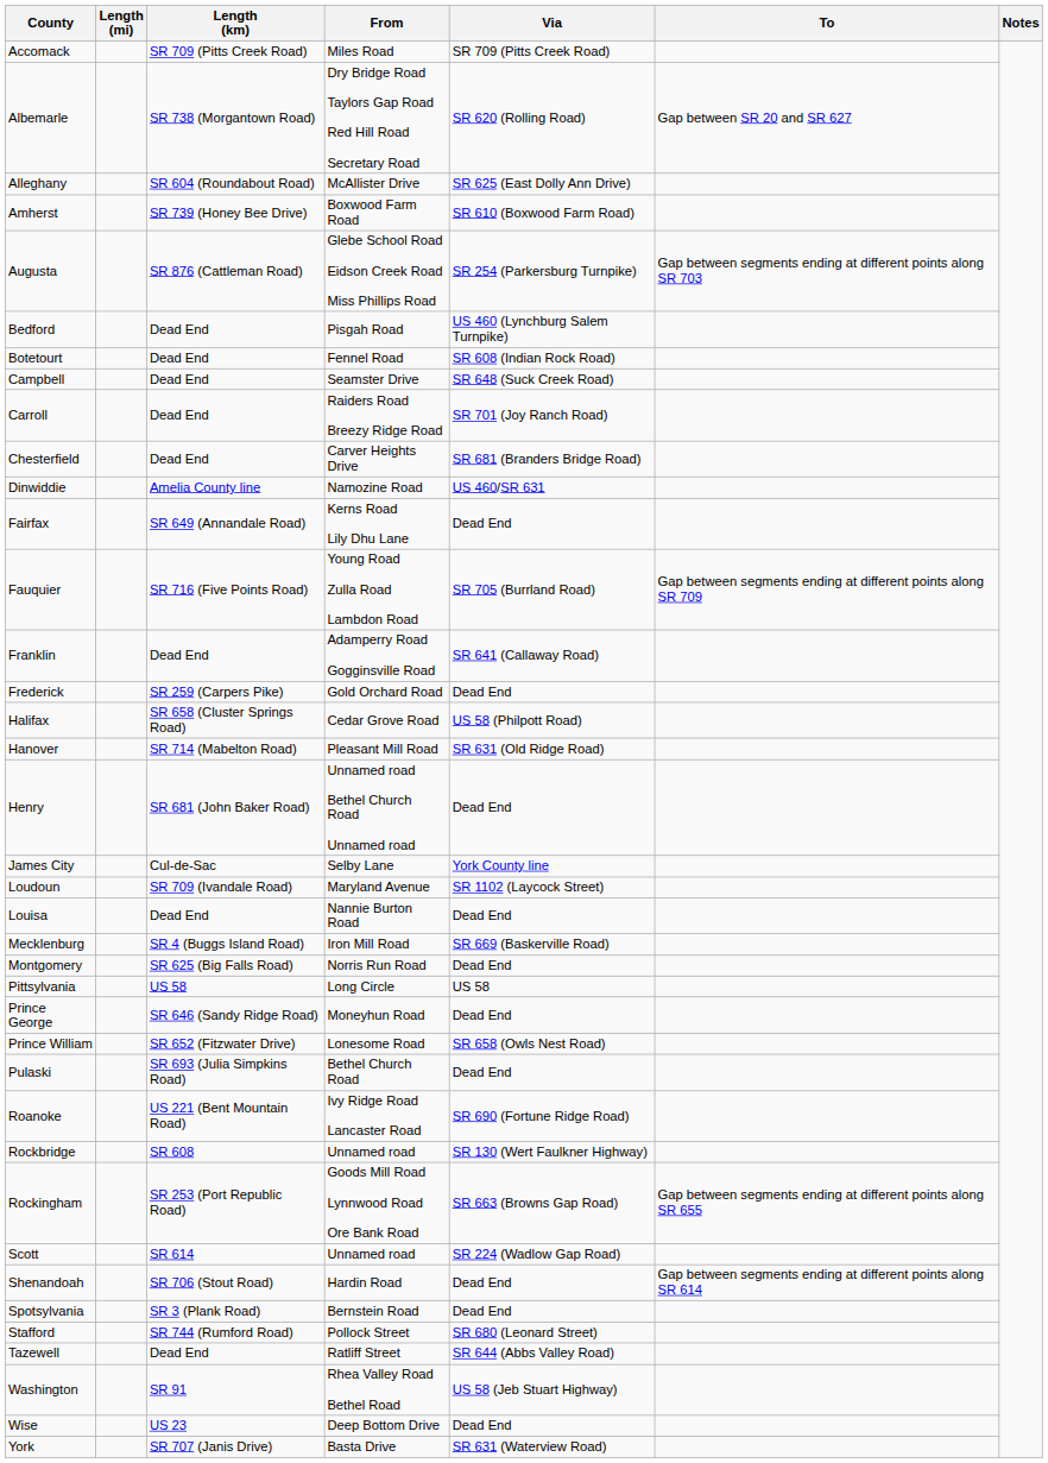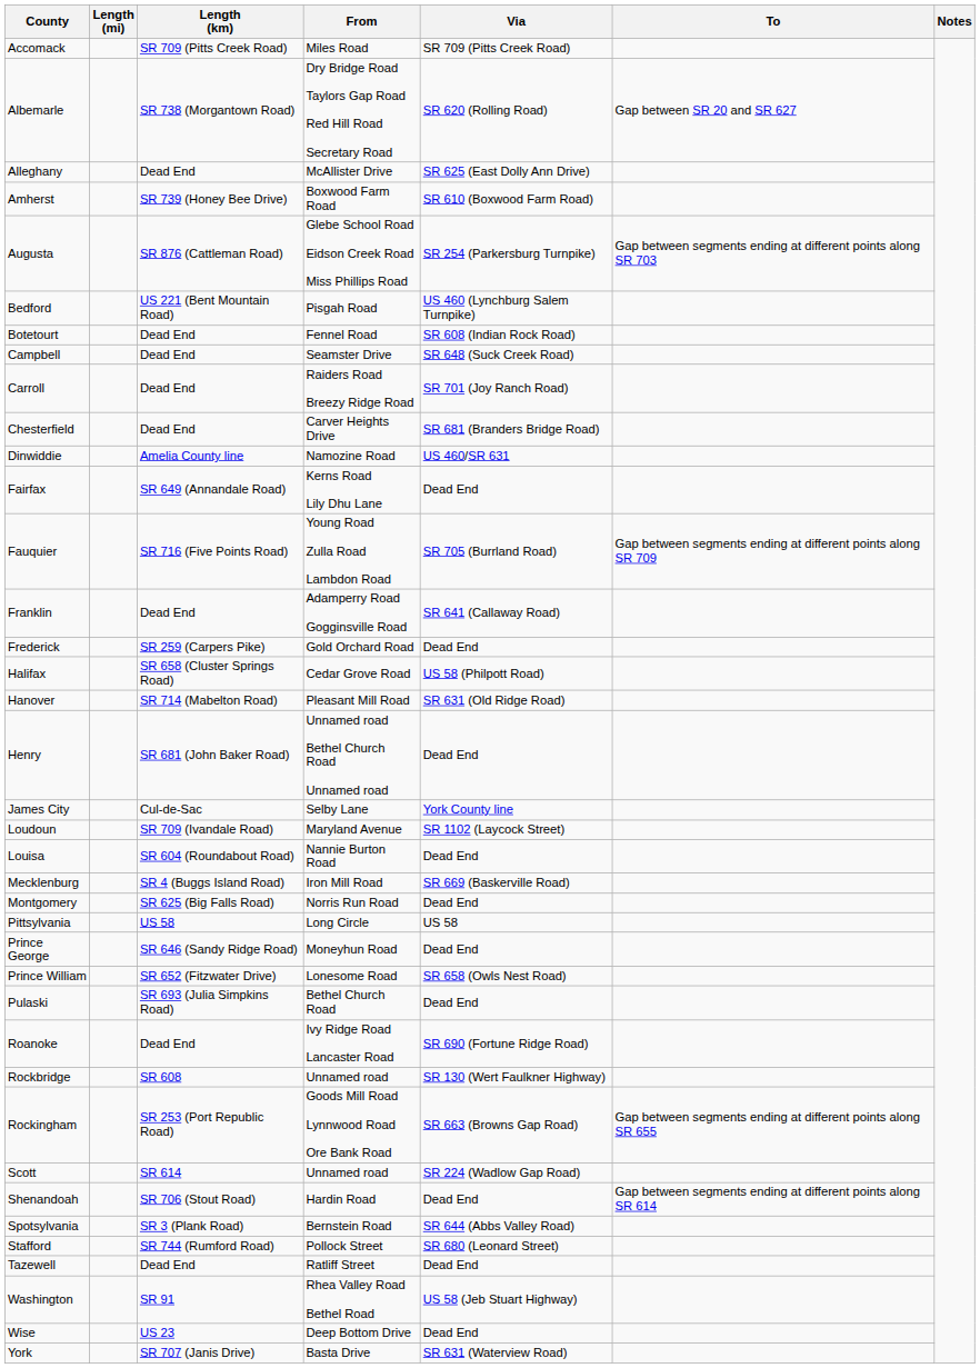 <table class="wikitable sortable">
 <tr>
 <th>County</th>
 <th>Length<br>(mi)</th>
 <th>Length<br>(km)</th>
 <th class="unsortable">From</th>
 <th class="unsortable">Via</th>
 <th class="unsortable">To</th>
 <th class="unsortable">Notes</th>
 </tr>
 <tr>
 <td id="Accomack">Accomack</td>
 <td></td>
 <td><a href='#'>SR 709</a> (Pitts Creek Road)</td>
 <td>Miles Road</td>
 <td>SR 709 (Pitts Creek Road)</td>
 <td></td>
 </tr>
 <tr>
 <td id="Albemarle">Albemarle</td>
 <td></td>
 <td><a href='#'>SR 738</a> (Morgantown Road)</td>
 <td>Dry Bridge Road<br><br>Taylors Gap Road<br><br>Red Hill Road<br><br>Secretary Road</td>
 <td><a href='#'>SR 620</a> (Rolling Road)</td>
 <td>Gap between <a href='#'>SR 20</a> and <a href='#'>SR 627</a></td>
 </tr>
 <tr>
 <td id="Alleghany">Alleghany</td>
 <td></td>
-<td><a href='#'>SR 604</a> (Roundabout Road)</td>
+<td>Dead End</td>
 <td>McAllister Drive</td>
 <td><a href='#'>SR 625</a> (East Dolly Ann Drive)</td>
 <td><br></td>
 </tr>
 <tr>
 <td id="Amherst">Amherst</td>
 <td></td>
 <td><a href='#'>SR 739</a> (Honey Bee Drive)</td>
 <td>Boxwood Farm Road</td>
 <td><a href='#'>SR 610</a> (Boxwood Farm Road)</td>
 <td><br> </td>
 </tr>
 <tr>
 <td id="Augusta">Augusta</td>
 <td></td>
 <td><a href='#'>SR 876</a> (Cattleman Road)</td>
 <td>Glebe School Road<br><br>Eidson Creek Road<br><br>Miss Phillips Road</td>
 <td><a href='#'>SR 254</a> (Parkersburg Turnpike)</td>
 <td>Gap between segments ending at different points along <a href='#'>SR 703</a><br></td>
 </tr>
 <tr>
 <td id="Bedford">Bedford</td>
 <td></td>
-<td>Dead End</td>
+<td><a href='#'>US 221</a> (Bent Mountain Road)</td>
 <td>Pisgah Road</td>
 <td><a href='#'>US 460</a> (Lynchburg Salem Turnpike)</td>
 <td><br></td>
 </tr>
 <tr>
 <td id="Botetourt">Botetourt</td>
 <td></td>
 <td>Dead End</td>
 <td>Fennel Road</td>
 <td><a href='#'>SR 608</a> (Indian Rock Road)</td>
 <td><br>  </td>
 </tr>
 <tr>
 <td id="Campbell">Campbell</td>
 <td></td>
 <td>Dead End</td>
 <td>Seamster Drive</td>
 <td><a href='#'>SR 648</a> (Suck Creek Road)</td>
 <td><br></td>
 </tr>
 <tr>
 <td id="Carroll">Carroll</td>
 <td></td>
 <td>Dead End</td>
 <td>Raiders Road<br><br>Breezy Ridge Road</td>
 <td><a href='#'>SR 701</a> (Joy Ranch Road)</td>
 <td><br> </td>
 </tr>
 <tr>
 <td id="Chesterfield">Chesterfield</td>
 <td></td>
 <td>Dead End</td>
 <td>Carver Heights Drive</td>
 <td><a href='#'>SR 681</a> (Branders Bridge Road)</td>
 <td><br>    </td>
 </tr>
 <tr>
 <td id="Dinwiddie">Dinwiddie</td>
 <td></td>
 <td><a href='#'>Amelia County line</a></td>
 <td>Namozine Road</td>
 <td><a href='#'>US 460</a>/<a href='#'>SR 631</a></td>
 <td><br></td>
 </tr>
 <tr>
 <td id="Fairfax">Fairfax</td>
 <td></td>
 <td><a href='#'>SR 649</a> (Annandale Road)</td>
 <td>Kerns Road<br><br>Lily Dhu Lane</td>
 <td>Dead End</td>
 <td></td>
 </tr>
 <tr>
 <td id="Fauquier">Fauquier</td>
 <td></td>
 <td><a href='#'>SR 716</a> (Five Points Road)</td>
 <td>Young Road<br><br>Zulla Road<br><br>Lambdon Road</td>
 <td><a href='#'>SR 705</a> (Burrland Road)</td>
 <td>Gap between segments ending at different points along <a href='#'>SR 709</a><br> </td>
 </tr>
 <tr>
 <td id="Franklin">Franklin</td>
 <td></td>
 <td>Dead End</td>
 <td>Adamperry Road<br><br>Gogginsville Road</td>
 <td><a href='#'>SR 641</a> (Callaway Road)</td>
 <td></td>
 </tr>
 <tr>
 <td id="Frederick">Frederick</td>
 <td></td>
 <td><a href='#'>SR 259</a> (Carpers Pike)</td>
 <td>Gold Orchard Road</td>
 <td>Dead End</td>
 <td><br>     </td>
 </tr>
 <tr>
 <td id="Halifax">Halifax</td>
 <td></td>
 <td><a href='#'>SR 658</a> (Cluster Springs Road)</td>
 <td>Cedar Grove Road</td>
 <td><a href='#'>US 58</a> (Philpott Road)</td>
 <td></td>
 </tr>
 <tr>
 <td id="Hanover">Hanover</td>
 <td></td>
 <td><a href='#'>SR 714</a> (Mabelton Road)</td>
 <td>Pleasant Mill Road</td>
 <td><a href='#'>SR 631</a> (Old Ridge Road)</td>
 <td><br></td>
 </tr>
 <tr>
 <td id="Henry">Henry</td>
 <td></td>
 <td><a href='#'>SR 681</a> (John Baker Road)</td>
 <td>Unnamed road<br><br>Bethel Church Road<br><br>Unnamed road</td>
 <td>Dead End</td>
 <td><br> </td>
 </tr>
 <tr>
 <td id="James City">James City</td>
 <td></td>
 <td>Cul-de-Sac</td>
 <td>Selby Lane</td>
 <td><a href='#'>York County line</a></td>
 <td><br>    </td>
 </tr>
 <tr>
 <td id="Loudoun">Loudoun</td>
 <td></td>
 <td><a href='#'>SR 709</a> (Ivandale Road)</td>
 <td>Maryland Avenue</td>
 <td><a href='#'>SR 1102</a> (Laycock Street)</td>
 <td></td>
 </tr>
 <tr>
 <td id="Louisa">Louisa</td>
 <td></td>
-<td>Dead End</td>
+<td><a href='#'>SR 604</a> (Roundabout Road)</td>
 <td>Nannie Burton Road</td>
 <td>Dead End</td>
 <td><br>  </td>
 </tr>
 <tr>
 <td id="Mecklenburg">Mecklenburg</td>
 <td></td>
 <td><a href='#'>SR 4</a> (Buggs Island Road)</td>
 <td>Iron Mill Road</td>
 <td><a href='#'>SR 669</a> (Baskerville Road)</td>
 <td><br></td>
 </tr>
 <tr>
 <td id="Montgomery">Montgomery</td>
 <td></td>
 <td><a href='#'>SR 625</a> (Big Falls Road)</td>
 <td>Norris Run Road</td>
 <td>Dead End</td>
 <td><br>       </td>
 </tr>
 <tr>
 <td id="Pittsylvania">Pittsylvania</td>
 <td></td>
 <td><a href='#'>US 58</a></td>
 <td>Long Circle</td>
 <td>US 58</td>
 <td><br> </td>
 </tr>
 <tr>
 <td id="Prince George">Prince George</td>
 <td></td>
 <td><a href='#'>SR 646</a> (Sandy Ridge Road)</td>
 <td>Moneyhun Road</td>
 <td>Dead End</td>
 <td></td>
 </tr>
 <tr>
 <td id="Prince William">Prince William</td>
 <td></td>
 <td><a href='#'>SR 652</a> (Fitzwater Drive)</td>
 <td>Lonesome Road</td>
 <td><a href='#'>SR 658</a> (Owls Nest Road)</td>
 <td></td>
 </tr>
 <tr>
 <td id="Pulaski">Pulaski</td>
 <td></td>
 <td><a href='#'>SR 693</a> (Julia Simpkins Road)</td>
 <td>Bethel Church Road</td>
 <td>Dead End</td>
 <td><br> </td>
 </tr>
 <tr>
 <td id="Roanoke">Roanoke</td>
 <td></td>
-<td><a href='#'>US 221</a> (Bent Mountain Road)</td>
+<td>Dead End</td>
 <td>Ivy Ridge Road<br><br>Lancaster Road</td>
 <td><a href='#'>SR 690</a> (Fortune Ridge Road)</td>
 <td></td>
 </tr>
 <tr>
 <td id="Rockbridge">Rockbridge</td>
 <td></td>
 <td><a href='#'>SR 608</a></td>
 <td>Unnamed road</td>
 <td><a href='#'>SR 130</a> (Wert Faulkner Highway)</td>
 <td></td>
 </tr>
 <tr>
 <td id="Rockingham">Rockingham</td>
 <td></td>
 <td><a href='#'>SR 253</a> (Port Republic Road)</td>
 <td>Goods Mill Road<br><br>Lynnwood Road<br><br>Ore Bank Road</td>
 <td><a href='#'>SR 663</a> (Browns Gap Road)</td>
 <td>Gap between segments ending at different points along <a href='#'>SR 655</a><br></td>
 </tr>
 <tr>
 <td id="Scott">Scott</td>
 <td></td>
 <td><a href='#'>SR 614</a></td>
 <td>Unnamed road</td>
 <td><a href='#'>SR 224</a> (Wadlow Gap Road)</td>
 <td></td>
 </tr>
 <tr>
 <td id="Shenandoah">Shenandoah</td>
 <td></td>
 <td><a href='#'>SR 706</a> (Stout Road)</td>
 <td>Hardin Road</td>
 <td>Dead End</td>
 <td>Gap between segments ending at different points along <a href='#'>SR 614</a><br> </td>
 </tr>
 <tr>
 <td id="Spotsylvania">Spotsylvania</td>
 <td></td>
 <td><a href='#'>SR 3</a> (Plank Road)</td>
 <td>Bernstein Road</td>
-<td>Dead End</td>
+<td><a href='#'>SR 644</a> (Abbs Valley Road)</td>
 <td></td>
 </tr>
 <tr>
 <td id="Stafford">Stafford</td>
 <td></td>
 <td><a href='#'>SR 744</a> (Rumford Road)</td>
 <td>Pollock Street</td>
 <td><a href='#'>SR 680</a> (Leonard Street)</td>
 <td><br> </td>
 </tr>
 <tr>
 <td id="Tazewell">Tazewell</td>
 <td></td>
 <td>Dead End</td>
 <td>Ratliff Street</td>
-<td><a href='#'>SR 644</a> (Abbs Valley Road)</td>
+<td>Dead End</td>
 <td><br></td>
 </tr>
 <tr>
 <td id="Washington">Washington</td>
 <td></td>
 <td><a href='#'>SR 91</a></td>
 <td>Rhea Valley Road<br><br>Bethel Road</td>
 <td><a href='#'>US 58</a> (Jeb Stuart Highway)</td>
 <td><br></td>
 </tr>
 <tr>
 <td id="Wise">Wise</td>
 <td></td>
 <td><a href='#'>US 23</a></td>
 <td>Deep Bottom Drive</td>
 <td>Dead End</td>
 <td><br></td>
 </tr>
 <tr>
 <td id="York">York</td>
 <td></td>
 <td><a href='#'>SR 707</a> (Janis Drive)</td>
 <td>Basta Drive</td>
 <td><a href='#'>SR 631</a> (Waterview Road)</td>
 <td></td>
 </tr>
 </table>
